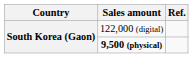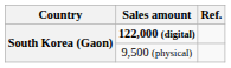 <table class="wikitable plainrowheaders" style="text-align:center">
 <tr>
 <th>Country</th>
 <th>Sales amount</th>
 <th>Ref.</th>
 </tr>
 <tr>
 <th rowspan="2" scope="row">South Korea (Gaon)</th>
-<td>122,000 <small>(digital)</small></td>
+<td><strong>122,000 <small>(digital)</small></strong></td>
 <td></td>
 </tr>
 <tr>
-<td><strong>9,500 <small>(physical)</small></strong></td>
+<td>9,500 <small>(physical)</small></td>
 <td></td>
 </tr>
 </table>
